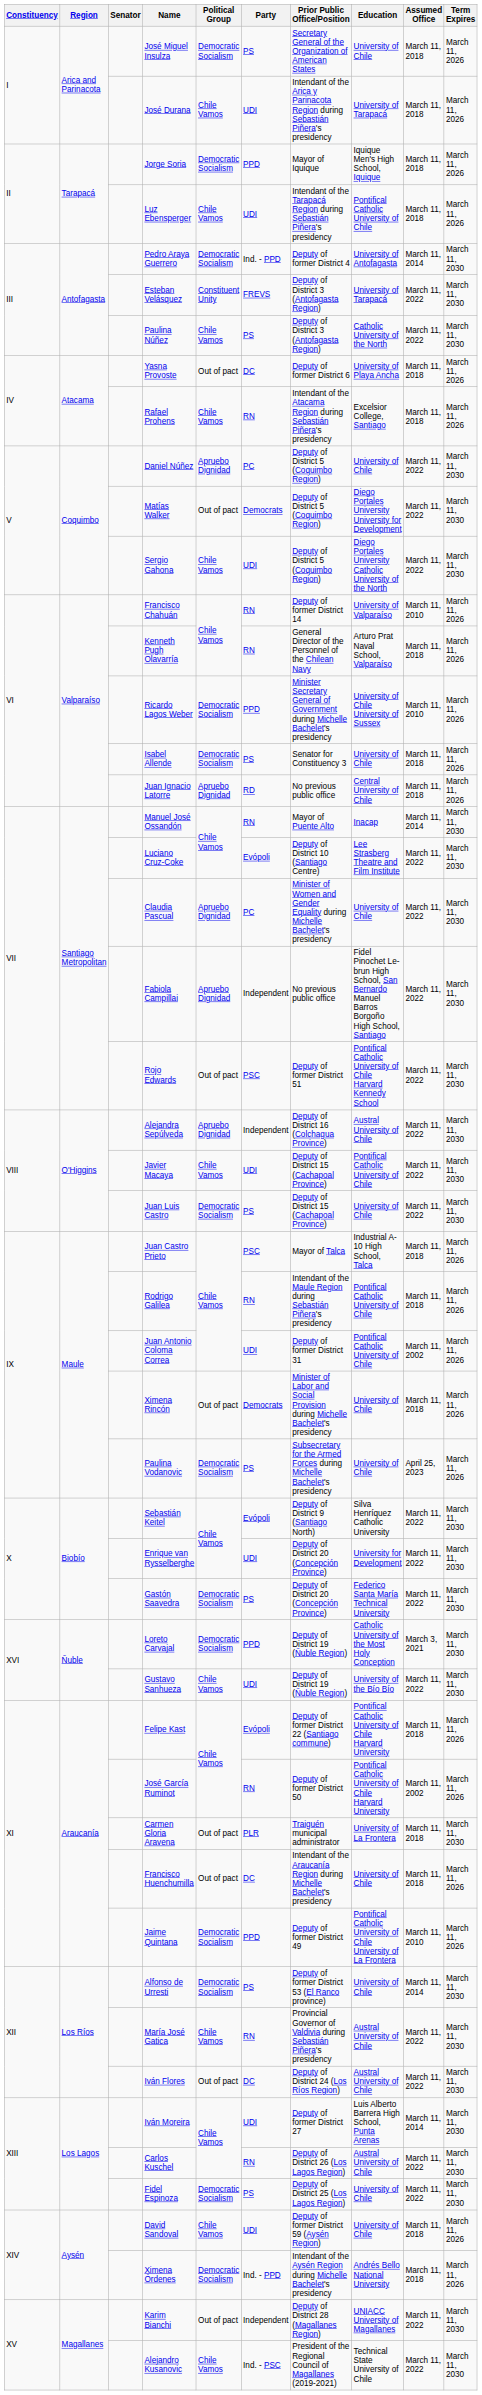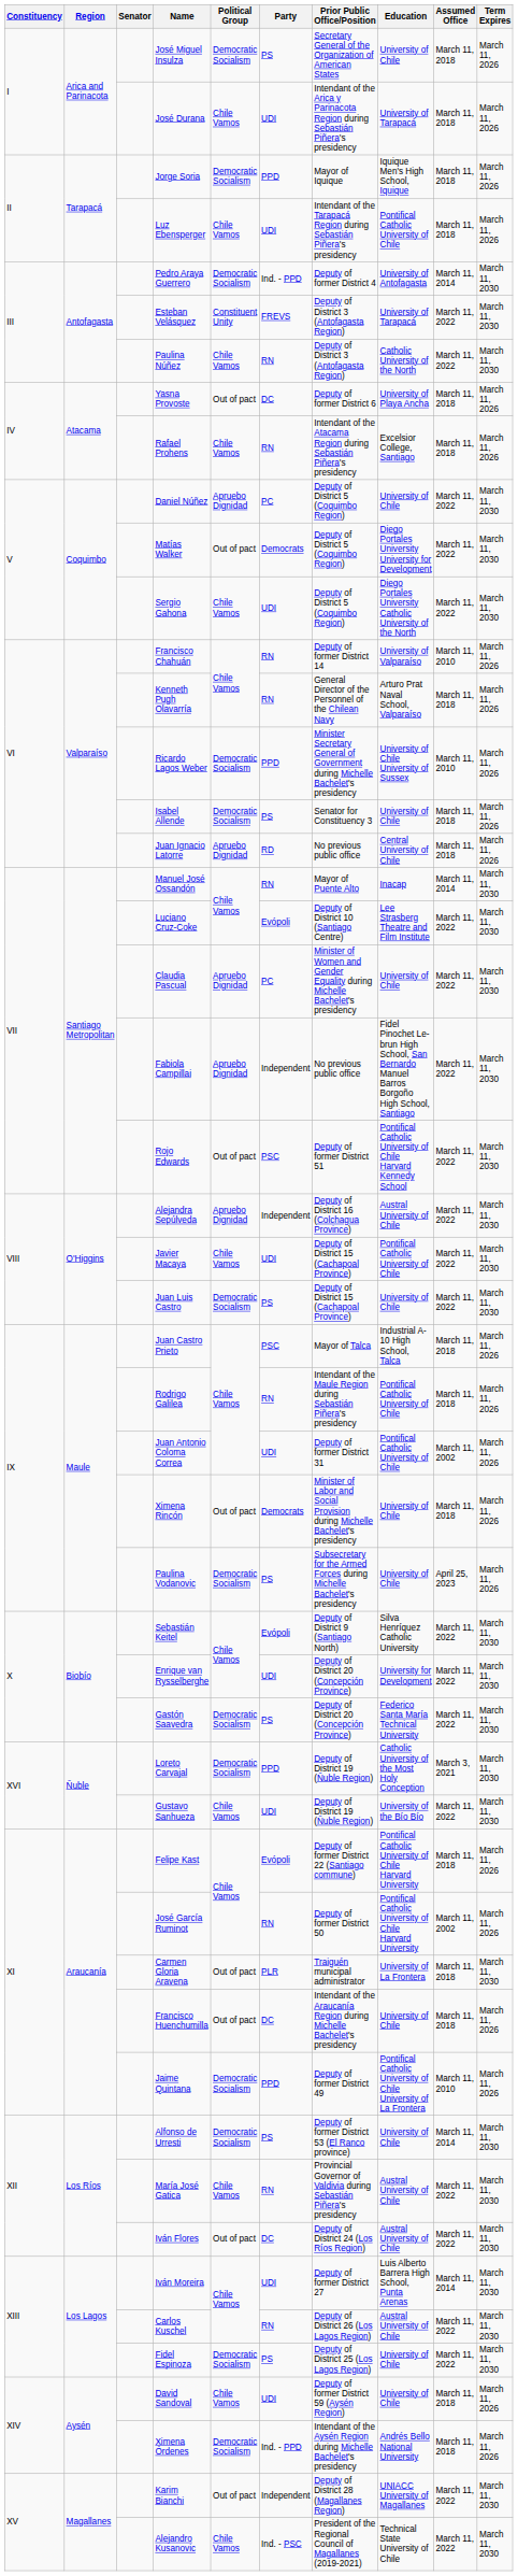 <table class="wikitable sortable">
 <tr>
 <th><a href='#'>Constituency</a></th>
 <th><a href='#'>Region</a></th>
 <th>Senator</th>
 <th>Name</th>
 <th>Political Group</th>
 <th>Party</th>
 <th>Prior Public Office/Position</th>
 <th>Education</th>
 <th>Assumed Office</th>
 <th>Term Expires</th>
 </tr>
 <tr>
 <td rowspan="2">I</td>
 <td rowspan="2"><a href='#'>Arica and Parinacota</a></td>
 <td></td>
 <td><a href='#'>José Miguel Insulza</a></td>
 <td><a href='#'>Democratic Socialism</a></td>
 <td><a href='#'>PS</a></td>
 <td><a href='#'>Secretary General of the Organization of American States</a></td>
 <td><a href='#'>University of Chile</a></td>
 <td>March 11, 2018</td>
 <td>March 11, 2026</td>
 </tr>
 <tr>
 <td></td>
 <td><a href='#'>José Durana</a></td>
 <td><a href='#'>Chile Vamos</a></td>
 <td><a href='#'>UDI</a></td>
 <td>Intendant of the <a href='#'>Arica y Parinacota Region</a> during <a href='#'>Sebastián Piñera</a>'s presidency</td>
 <td><a href='#'>University of Tarapacá</a></td>
 <td>March 11, 2018</td>
 <td>March 11, 2026</td>
 </tr>
 <tr>
 <td rowspan="2">II</td>
 <td rowspan="2"><a href='#'>Tarapacá</a></td>
 <td></td>
 <td><a href='#'>Jorge Soria</a></td>
 <td><a href='#'>Democratic Socialism</a></td>
 <td><a href='#'>PPD</a></td>
 <td>Mayor of Iquique</td>
 <td>Iquique Men's High School, <a href='#'>Iquique</a></td>
 <td>March 11, 2018</td>
 <td>March 11, 2026</td>
 </tr>
 <tr>
 <td></td>
 <td><a href='#'>Luz Ebensperger</a></td>
 <td><a href='#'>Chile Vamos</a></td>
 <td><a href='#'>UDI</a></td>
 <td>Intendant of the <a href='#'>Tarapacá Region</a> during <a href='#'>Sebastián Piñera</a>'s presidency</td>
 <td><a href='#'>Pontifical Catholic University of Chile</a></td>
 <td>March 11, 2018</td>
 <td>March 11, 2026</td>
 </tr>
 <tr>
 <td rowspan="3">III</td>
 <td rowspan="3"><a href='#'>Antofagasta</a></td>
 <td></td>
 <td><a href='#'>Pedro Araya Guerrero</a></td>
 <td><a href='#'>Democratic Socialism</a></td>
 <td>Ind. - <a href='#'>PPD</a></td>
 <td><a href='#'>Deputy</a> of former District 4</td>
 <td><a href='#'>University of Antofagasta</a></td>
 <td>March 11, 2014</td>
 <td>March 11, 2030</td>
 </tr>
 <tr>
 <td></td>
 <td><a href='#'>Esteban Velásquez</a></td>
 <td><a href='#'>Constituent Unity</a></td>
 <td><a href='#'>FREVS</a></td>
 <td><a href='#'>Deputy</a> of District 3 (<a href='#'>Antofagasta Region</a>)</td>
 <td><a href='#'>University of Tarapacá</a></td>
 <td>March 11, 2022</td>
 <td>March 11, 2030</td>
 </tr>
 <tr>
 <td></td>
 <td><a href='#'>Paulina Núñez</a></td>
 <td><a href='#'>Chile Vamos</a></td>
-<td><a href='#'>PS</a></td>
+<td><a href='#'>RN</a></td>
 <td><a href='#'>Deputy</a> of District 3 (<a href='#'>Antofagasta Region</a>)</td>
 <td><a href='#'>Catholic University of the North</a></td>
 <td>March 11, 2022</td>
 <td>March 11, 2030</td>
 </tr>
 <tr>
 <td rowspan="2">IV</td>
 <td rowspan="2"><a href='#'>Atacama</a></td>
 <td></td>
 <td><a href='#'>Yasna Provoste</a></td>
 <td>Out of pact</td>
 <td><a href='#'>DC</a></td>
 <td><a href='#'>Deputy</a> of former District 6</td>
 <td><a href='#'>University of Playa Ancha</a></td>
 <td>March 11, 2018</td>
 <td>March 11, 2026</td>
 </tr>
 <tr>
 <td></td>
 <td><a href='#'>Rafael Prohens</a></td>
 <td><a href='#'>Chile Vamos</a></td>
 <td><a href='#'>RN</a></td>
 <td>Intendant of the <a href='#'>Atacama Region</a> during <a href='#'>Sebastián Piñera</a>'s presidency</td>
 <td>Excelsior College, <a href='#'>Santiago</a></td>
 <td>March 11, 2018</td>
 <td>March 11, 2026</td>
 </tr>
 <tr>
 <td rowspan="3">V</td>
 <td rowspan="3"><a href='#'>Coquimbo</a></td>
 <td></td>
 <td><a href='#'>Daniel Núñez</a></td>
 <td><a href='#'>Apruebo Dignidad</a></td>
 <td><a href='#'>PC</a></td>
 <td><a href='#'>Deputy</a> of District 5 (<a href='#'>Coquimbo Region</a>)</td>
 <td><a href='#'>University of Chile</a></td>
 <td>March 11, 2022</td>
 <td>March 11, 2030</td>
 </tr>
 <tr>
 <td></td>
 <td><a href='#'>Matías Walker</a></td>
 <td>Out of pact</td>
 <td><a href='#'>Democrats</a></td>
 <td><a href='#'>Deputy</a> of District 5 (<a href='#'>Coquimbo Region</a>)</td>
 <td><a href='#'>Diego Portales University</a><br><a href='#'>University for Development</a></td>
 <td>March 11, 2022</td>
 <td>March 11, 2030</td>
 </tr>
 <tr>
 <td></td>
 <td><a href='#'>Sergio Gahona</a></td>
 <td><a href='#'>Chile Vamos</a></td>
 <td><a href='#'>UDI</a></td>
 <td><a href='#'>Deputy</a> of District 5 (<a href='#'>Coquimbo Region</a>)</td>
 <td><a href='#'>Diego Portales University</a><br><a href='#'>Catholic University of the North</a></td>
 <td>March 11, 2022</td>
 <td>March 11, 2030</td>
 </tr>
 <tr>
 <td rowspan="5">VI</td>
 <td rowspan="5"><a href='#'>Valparaíso</a></td>
 <td></td>
 <td><a href='#'>Francisco Chahuán</a></td>
 <td rowspan="2"><a href='#'>Chile Vamos</a></td>
 <td><a href='#'>RN</a></td>
 <td><a href='#'>Deputy</a> of former District 14</td>
 <td><a href='#'>University of Valparaíso</a></td>
 <td>March 11, 2010</td>
 <td>March 11, 2026</td>
 </tr>
 <tr>
 <td></td>
 <td><a href='#'>Kenneth Pugh Olavarría</a></td>
 <td><a href='#'>RN</a></td>
 <td>General Director of the Personnel of the <a href='#'>Chilean Navy</a></td>
 <td>Arturo Prat Naval School, <a href='#'>Valparaíso</a></td>
 <td>March 11, 2018</td>
 <td>March 11, 2026</td>
 </tr>
 <tr>
 <td></td>
 <td><a href='#'>Ricardo Lagos Weber</a></td>
 <td><a href='#'>Democratic Socialism</a></td>
 <td><a href='#'>PPD</a></td>
 <td><a href='#'>Minister Secretary General of Government</a> during <a href='#'>Michelle Bachelet</a>'s presidency</td>
 <td><a href='#'>University of Chile</a><br><a href='#'>University of Sussex</a></td>
 <td>March 11, 2010</td>
 <td>March 11, 2026</td>
 </tr>
 <tr>
 <td></td>
 <td><a href='#'>Isabel Allende</a></td>
 <td><a href='#'>Democratic Socialism</a></td>
 <td><a href='#'>PS</a></td>
 <td>Senator for Constituency 3</td>
 <td><a href='#'>University of Chile</a></td>
 <td>March 11, 2018</td>
 <td>March 11, 2026</td>
 </tr>
 <tr>
 <td></td>
 <td><a href='#'>Juan Ignacio Latorre</a></td>
 <td><a href='#'>Apruebo Dignidad</a></td>
 <td><a href='#'>RD</a></td>
 <td>No previous public office</td>
 <td><a href='#'>Central University of Chile</a></td>
 <td>March 11, 2018</td>
 <td>March 11, 2026</td>
 </tr>
 <tr>
 <td rowspan="5">VII</td>
 <td rowspan="5"><a href='#'>Santiago Metropolitan</a></td>
 <td></td>
 <td><a href='#'>Manuel José Ossandón</a></td>
 <td rowspan="2"><a href='#'>Chile Vamos</a></td>
 <td><a href='#'>RN</a></td>
 <td>Mayor of <a href='#'>Puente Alto</a></td>
 <td><a href='#'>Inacap</a></td>
 <td>March 11, 2014</td>
 <td>March 11, 2030</td>
 </tr>
 <tr>
 <td></td>
 <td><a href='#'>Luciano Cruz-Coke</a></td>
 <td><a href='#'>Evópoli</a></td>
 <td><a href='#'>Deputy</a> of District 10 (<a href='#'>Santiago</a> Centre)</td>
 <td><a href='#'>Lee Strasberg Theatre and Film Institute</a></td>
 <td>March 11, 2022</td>
 <td>March 11, 2030</td>
 </tr>
 <tr>
 <td></td>
 <td><a href='#'>Claudia Pascual</a></td>
 <td><a href='#'>Apruebo Dignidad</a></td>
 <td><a href='#'>PC</a></td>
 <td><a href='#'>Minister of Women and Gender Equality</a> during <a href='#'>Michelle Bachelet</a>'s presidency</td>
 <td><a href='#'>University of Chile</a></td>
 <td>March 11, 2022</td>
 <td>March 11, 2030</td>
 </tr>
 <tr>
 <td></td>
 <td><a href='#'>Fabiola Campillai</a></td>
 <td><a href='#'>Apruebo Dignidad</a></td>
 <td>Independent</td>
 <td>No previous public office</td>
 <td>Fidel Pinochet Le-brun High School, <a href='#'>San Bernardo</a><br>Manuel Barros Borgoño High School, <a href='#'>Santiago</a></td>
 <td>March 11, 2022</td>
 <td>March 11, 2030</td>
 </tr>
 <tr>
 <td></td>
 <td><a href='#'>Rojo Edwards</a></td>
 <td>Out of pact</td>
 <td><a href='#'>PSC</a></td>
 <td><a href='#'>Deputy</a> of former District 51</td>
 <td><a href='#'>Pontifical Catholic University of Chile</a><br><a href='#'>Harvard Kennedy School</a></td>
 <td>March 11, 2022</td>
 <td>March 11, 2030</td>
 </tr>
 <tr>
 <td rowspan="3">VIII</td>
 <td rowspan="3"><a href='#'>O'Higgins</a></td>
 <td></td>
 <td><a href='#'>Alejandra Sepúlveda</a></td>
 <td><a href='#'>Apruebo Dignidad</a></td>
 <td>Independent</td>
 <td><a href='#'>Deputy</a> of District 16 (<a href='#'>Colchagua Province</a>)</td>
 <td><a href='#'>Austral University of Chile</a></td>
 <td>March 11, 2022</td>
 <td>March 11, 2030</td>
 </tr>
 <tr>
 <td></td>
 <td><a href='#'>Javier Macaya</a></td>
 <td><a href='#'>Chile Vamos</a></td>
 <td><a href='#'>UDI</a></td>
 <td><a href='#'>Deputy</a> of District 15 (<a href='#'>Cachapoal Province</a>)</td>
 <td><a href='#'>Pontifical Catholic University of Chile</a></td>
 <td>March 11, 2022</td>
 <td>March 11, 2030</td>
 </tr>
 <tr>
 <td></td>
 <td><a href='#'>Juan Luis Castro</a></td>
 <td><a href='#'>Democratic Socialism</a></td>
 <td><a href='#'>PS</a></td>
 <td><a href='#'>Deputy</a> of District 15 (<a href='#'>Cachapoal Province</a>)</td>
 <td><a href='#'>University of Chile</a></td>
 <td>March 11, 2022</td>
 <td>March 11, 2030</td>
 </tr>
 <tr>
 <td rowspan="5">IX</td>
 <td rowspan="5"><a href='#'>Maule</a></td>
 <td></td>
 <td><a href='#'>Juan Castro Prieto</a></td>
 <td rowspan="3"><a href='#'>Chile Vamos</a></td>
 <td><a href='#'>PSC</a></td>
 <td>Mayor of <a href='#'>Talca</a></td>
 <td>Industrial A-10 High School, <a href='#'>Talca</a></td>
 <td>March 11, 2018</td>
 <td>March 11, 2026</td>
 </tr>
 <tr>
 <td></td>
 <td><a href='#'>Rodrigo Galilea</a></td>
 <td><a href='#'>RN</a></td>
 <td>Intendant of the <a href='#'>Maule Region</a> during <a href='#'>Sebastián Piñera</a>'s presidency</td>
 <td><a href='#'>Pontifical Catholic University of Chile</a></td>
 <td>March 11, 2018</td>
 <td>March 11, 2026</td>
 </tr>
 <tr>
 <td></td>
 <td><a href='#'>Juan Antonio Coloma Correa</a></td>
 <td><a href='#'>UDI</a></td>
 <td><a href='#'>Deputy</a> of former District 31</td>
 <td><a href='#'>Pontifical Catholic University of Chile</a></td>
 <td>March 11, 2002</td>
 <td>March 11, 2026</td>
 </tr>
 <tr>
 <td></td>
 <td><a href='#'>Ximena Rincón</a></td>
 <td>Out of pact</td>
 <td><a href='#'>Democrats</a></td>
 <td><a href='#'>Minister of Labor and Social Provision</a> during <a href='#'>Michelle Bachelet</a>'s presidency</td>
 <td><a href='#'>University of Chile</a></td>
 <td>March 11, 2018</td>
 <td>March 11, 2026</td>
 </tr>
 <tr>
 <td></td>
 <td><a href='#'>Paulina Vodanovic</a></td>
 <td><a href='#'>Democratic Socialism</a></td>
 <td><a href='#'>PS</a></td>
 <td><a href='#'>Subsecretary for the Armed Forces</a> during <a href='#'>Michelle Bachelet</a>'s presidency</td>
 <td><a href='#'>University of Chile</a></td>
 <td>April 25, 2023</td>
 <td>March 11, 2026</td>
 </tr>
 <tr>
 <td rowspan="3">X</td>
 <td rowspan="3"><a href='#'>Biobío</a></td>
 <td></td>
 <td><a href='#'>Sebastián Keitel</a></td>
 <td rowspan="2"><a href='#'>Chile Vamos</a></td>
 <td><a href='#'>Evópoli</a></td>
 <td><a href='#'>Deputy</a> of District 9 (<a href='#'>Santiago</a> North)</td>
 <td>Silva Henríquez Catholic University</td>
 <td>March 11, 2022</td>
 <td>March 11, 2030</td>
 </tr>
 <tr>
 <td></td>
 <td><a href='#'>Enrique van Rysselberghe</a></td>
 <td><a href='#'>UDI</a></td>
 <td><a href='#'>Deputy</a> of District 20 (<a href='#'>Concepción Province</a>)</td>
 <td><a href='#'>University for Development</a></td>
 <td>March 11, 2022</td>
 <td>March 11, 2030</td>
 </tr>
 <tr>
 <td></td>
 <td><a href='#'>Gastón Saavedra</a></td>
 <td><a href='#'>Democratic Socialism</a></td>
 <td><a href='#'>PS</a></td>
 <td><a href='#'>Deputy</a> of District 20 (<a href='#'>Concepción Province</a>)</td>
 <td><a href='#'>Federico Santa María Technical University</a></td>
 <td>March 11, 2022</td>
 <td>March 11, 2030</td>
 </tr>
 <tr>
 <td rowspan="2">XVI</td>
 <td rowspan="2"><a href='#'>Ñuble</a></td>
 <td></td>
 <td><a href='#'>Loreto Carvajal</a></td>
 <td><a href='#'>Democratic Socialism</a></td>
 <td><a href='#'>PPD</a></td>
 <td><a href='#'>Deputy</a> of District 19 (<a href='#'>Ñuble Region</a>)</td>
 <td><a href='#'>Catholic University of the Most Holy Conception</a></td>
 <td>March 3, 2021</td>
 <td>March 11, 2030</td>
 </tr>
 <tr>
 <td></td>
 <td><a href='#'>Gustavo Sanhueza</a></td>
 <td><a href='#'>Chile Vamos</a></td>
 <td><a href='#'>UDI</a></td>
 <td><a href='#'>Deputy</a> of District 19 (<a href='#'>Ñuble Region</a>)</td>
 <td><a href='#'>University of the Bío Bío</a></td>
 <td>March 11, 2022</td>
 <td>March 11, 2030</td>
 </tr>
 <tr>
 <td rowspan="5">XI</td>
 <td rowspan="5"><a href='#'>Araucanía</a></td>
 <td></td>
 <td><a href='#'>Felipe Kast</a></td>
 <td rowspan="2"><a href='#'>Chile Vamos</a></td>
 <td><a href='#'>Evópoli</a></td>
 <td><a href='#'>Deputy</a> of former District 22 (<a href='#'>Santiago commune</a>)</td>
 <td><a href='#'>Pontifical Catholic University of Chile</a><br><a href='#'>Harvard University</a></td>
 <td>March 11, 2018</td>
 <td>March 11, 2026</td>
 </tr>
 <tr>
 <td></td>
 <td><a href='#'>José García Ruminot</a></td>
 <td><a href='#'>RN</a></td>
 <td><a href='#'>Deputy</a> of former District 50</td>
 <td><a href='#'>Pontifical Catholic University of Chile</a><br><a href='#'>Harvard University</a></td>
 <td>March 11, 2002</td>
 <td>March 11, 2026</td>
 </tr>
 <tr>
 <td></td>
 <td><a href='#'>Carmen Gloria Aravena</a></td>
 <td>Out of pact</td>
 <td><a href='#'>PLR</a></td>
 <td><a href='#'>Traiguén</a> municipal administrator</td>
 <td><a href='#'>University of La Frontera</a></td>
 <td>March 11, 2018</td>
 <td>March 11, 2030</td>
 </tr>
 <tr>
 <td></td>
 <td><a href='#'>Francisco Huenchumilla</a></td>
 <td>Out of pact</td>
 <td><a href='#'>DC</a></td>
 <td>Intendant of the <a href='#'>Araucanía Region</a> during <a href='#'>Michelle Bachelet</a>'s presidency</td>
 <td><a href='#'>University of Chile</a></td>
 <td>March 11, 2018</td>
 <td>March 11, 2026</td>
 </tr>
 <tr>
 <td></td>
 <td><a href='#'>Jaime Quintana</a></td>
 <td><a href='#'>Democratic Socialism</a></td>
 <td><a href='#'>PPD</a></td>
 <td><a href='#'>Deputy</a> of former District 49</td>
 <td><a href='#'>Pontifical Catholic University of Chile</a><br><a href='#'>University of La Frontera</a></td>
 <td>March 11, 2010</td>
 <td>March 11, 2026</td>
 </tr>
 <tr>
 <td rowspan="3">XII</td>
 <td rowspan="3"><a href='#'>Los Ríos</a></td>
 <td></td>
 <td><a href='#'>Alfonso de Urresti</a></td>
 <td><a href='#'>Democratic Socialism</a></td>
 <td><a href='#'>PS</a></td>
 <td><a href='#'>Deputy</a> of former District 53 (<a href='#'>El Ranco</a> province)</td>
 <td><a href='#'>University of Chile</a></td>
 <td>March 11, 2014</td>
 <td>March 11, 2030</td>
 </tr>
 <tr>
 <td></td>
 <td><a href='#'>María José Gatica</a></td>
 <td><a href='#'>Chile Vamos</a></td>
 <td><a href='#'>RN</a></td>
 <td>Provincial Governor of <a href='#'>Valdivia</a> during <a href='#'>Sebastián Piñera</a>'s presidency</td>
 <td><a href='#'>Austral University of Chile</a></td>
 <td>March 11, 2022</td>
 <td>March 11, 2030</td>
 </tr>
 <tr>
 <td></td>
 <td><a href='#'>Iván Flores</a></td>
 <td>Out of pact</td>
 <td><a href='#'>DC</a></td>
 <td><a href='#'>Deputy</a> of District 24 (<a href='#'>Los Ríos Region</a>)</td>
 <td><a href='#'>Austral University of Chile</a></td>
 <td>March 11, 2022</td>
 <td>March 11, 2030</td>
 </tr>
 <tr>
 <td rowspan="3">XIII</td>
 <td rowspan="3"><a href='#'>Los Lagos</a></td>
 <td></td>
 <td><a href='#'>Iván Moreira</a></td>
 <td rowspan="2"><a href='#'>Chile Vamos</a></td>
 <td><a href='#'>UDI</a></td>
 <td><a href='#'>Deputy</a> of former District 27</td>
 <td>Luis Alberto Barrera High School, <a href='#'>Punta Arenas</a></td>
 <td>March 11, 2014</td>
 <td>March 11, 2030</td>
 </tr>
 <tr>
 <td></td>
 <td><a href='#'>Carlos Kuschel</a></td>
 <td><a href='#'>RN</a></td>
 <td><a href='#'>Deputy</a> of District 26 (<a href='#'>Los Lagos Region</a>)</td>
 <td><a href='#'>Austral University of Chile</a></td>
 <td>March 11, 2022</td>
 <td>March 11, 2030</td>
 </tr>
 <tr>
 <td></td>
 <td><a href='#'>Fidel Espinoza</a></td>
 <td><a href='#'>Democratic Socialism</a></td>
 <td><a href='#'>PS</a></td>
 <td><a href='#'>Deputy</a> of District 25 (<a href='#'>Los Lagos Region</a>)</td>
 <td><a href='#'>University of Chile</a></td>
 <td>March 11, 2022</td>
 <td>March 11, 2030</td>
 </tr>
 <tr>
 <td rowspan="2">XIV</td>
 <td rowspan="2"><a href='#'>Aysén</a></td>
 <td></td>
 <td><a href='#'>David Sandoval</a></td>
 <td><a href='#'>Chile Vamos</a></td>
 <td><a href='#'>UDI</a></td>
 <td><a href='#'>Deputy</a> of former District 59 (<a href='#'>Aysén Region</a>)</td>
 <td><a href='#'>University of Chile</a></td>
 <td>March 11, 2018</td>
 <td>March 11, 2026</td>
 </tr>
 <tr>
 <td></td>
 <td><a href='#'>Ximena Órdenes</a></td>
 <td><a href='#'>Democratic Socialism</a></td>
 <td>Ind. - <a href='#'>PPD</a></td>
 <td>Intendant of the <a href='#'>Aysén Region</a> during <a href='#'>Michelle Bachelet</a>'s presidency</td>
 <td><a href='#'>Andrés Bello National University</a></td>
 <td>March 11, 2018</td>
 <td>March 11, 2026</td>
 </tr>
 <tr>
 <td rowspan="2">XV</td>
 <td rowspan="2"><a href='#'>Magallanes</a></td>
 <td></td>
 <td><a href='#'>Karim Bianchi</a></td>
 <td>Out of pact</td>
 <td>Independent</td>
 <td><a href='#'>Deputy</a> of District 28 (<a href='#'>Magallanes Region</a>)</td>
 <td><a href='#'>UNIACC</a><br><a href='#'>University of Magallanes</a></td>
 <td>March 11, 2022</td>
 <td>March 11, 2030</td>
 </tr>
 <tr>
 <td></td>
 <td><a href='#'>Alejandro Kusanovic</a></td>
 <td><a href='#'>Chile Vamos</a></td>
 <td>Ind. - <a href='#'>PSC</a></td>
 <td>President of the Regional Council of <a href='#'>Magallanes</a> (2019-2021)</td>
 <td>Technical State University of Chile</td>
 <td>March 11, 2022</td>
 <td>March 11, 2030</td>
 </tr>
 </table>
